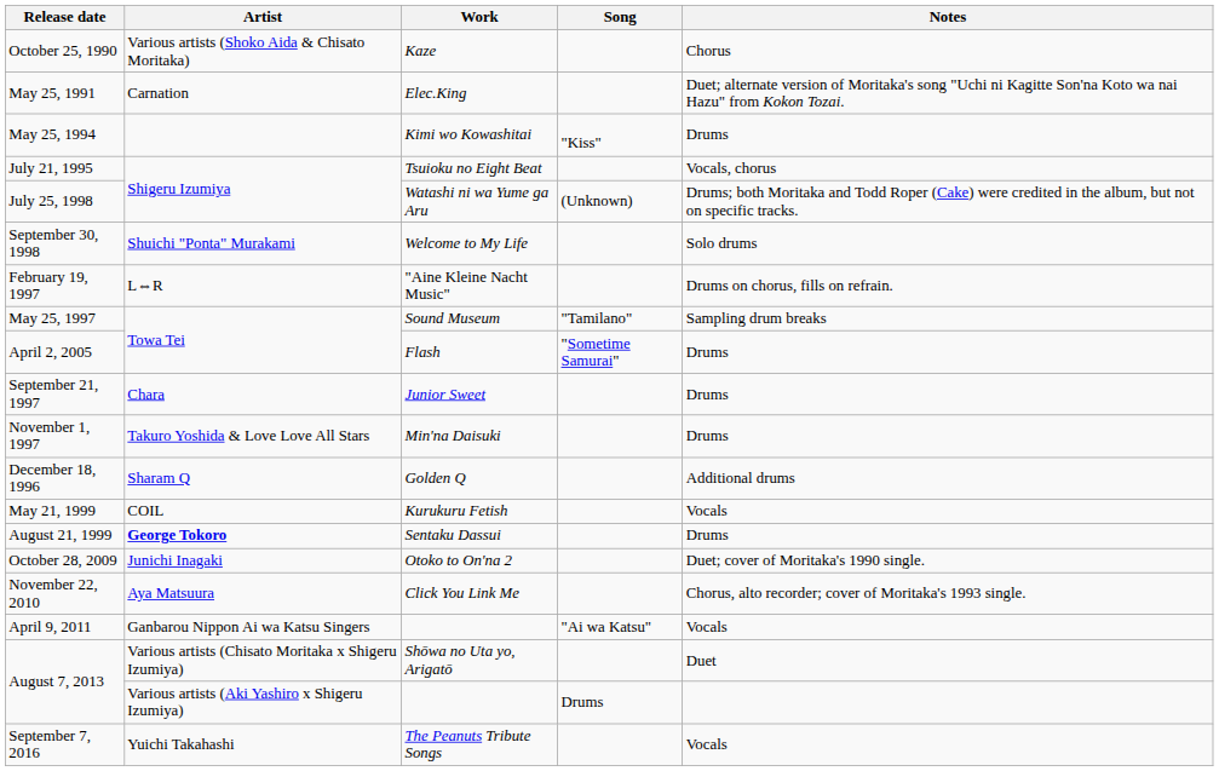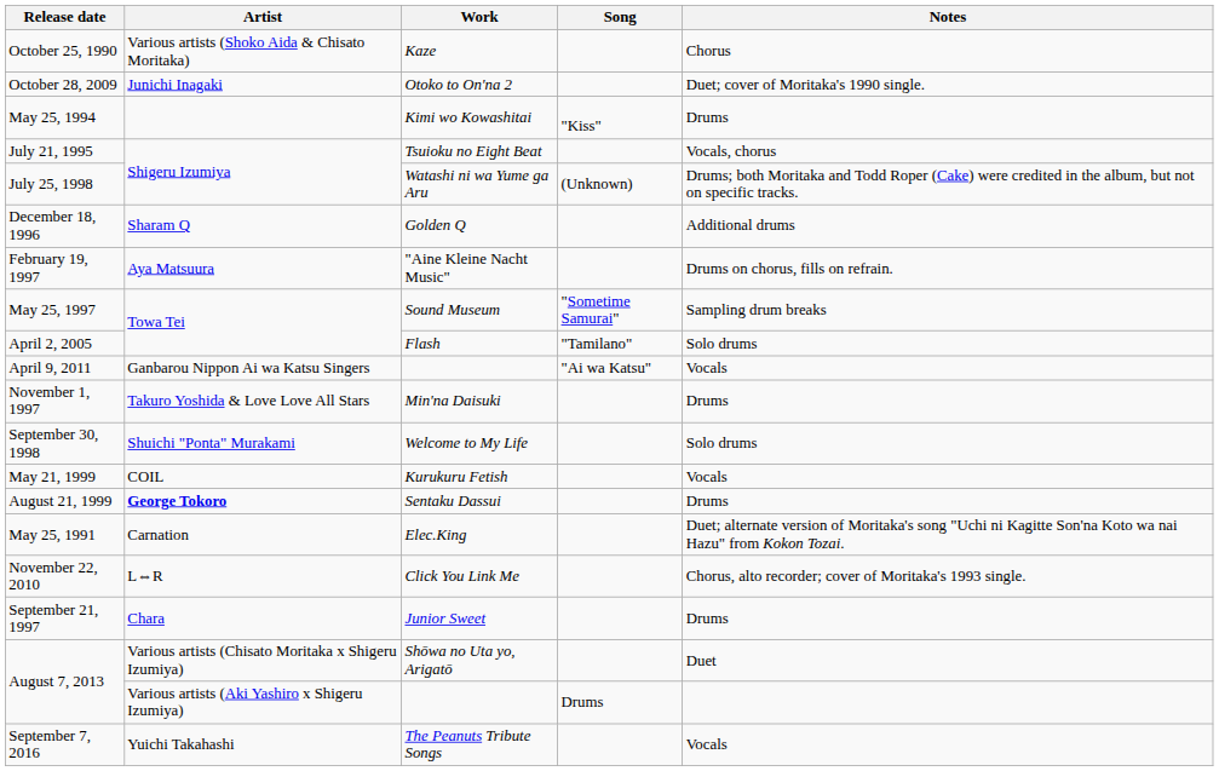 <table class=wikitable>
 <tr>
 <th>Release date</th>
 <th>Artist</th>
 <th>Work</th>
 <th>Song</th>
 <th>Notes</th>
 </tr>
 <tr>
 <td>October 25, 1990</td>
 <td>Various artists (<a href='#'>Shoko Aida</a> & Chisato Moritaka)</td>
 <td><em>Kaze</em></td>
 <td></td>
 <td>Chorus</td>
 </tr>
 <tr>
-<td>May 25, 1991</td>
-<td>Carnation</td>
-<td><em>Elec.King</em></td>
+<td>October 28, 2009</td>
+<td><a href='#'>Junichi Inagaki</a></td>
+<td><em>Otoko to On'na 2</em></td>
 <td></td>
-<td>Duet; alternate version of Moritaka's song "Uchi ni Kagitte Son'na Koto wa nai Hazu" from <em>Kokon Tozai</em>.</td>
+<td>Duet; cover of Moritaka's 1990 single.</td>
 </tr>
 <tr>
 <td>May 25, 1994</td>
 <td></td>
 <td><em>Kimi wo Kowashitai</em></td>
 <td><br>"Kiss"</td>
 <td>Drums</td>
 </tr>
 <tr>
 <td>July 21, 1995</td>
 <td rowspan="2"><a href='#'>Shigeru Izumiya</a></td>
 <td><em>Tsuioku no Eight Beat</em></td>
 <td></td>
 <td>Vocals, chorus</td>
 </tr>
 <tr>
 <td>July 25, 1998</td>
 <td><em>Watashi ni wa Yume ga Aru</em></td>
 <td>(Unknown)</td>
 <td>Drums; both Moritaka and Todd Roper (<a href='#'>Cake</a>) were credited in the album, but not on specific tracks.</td>
 </tr>
 <tr>
-<td>September 30, 1998</td>
-<td><a href='#'>Shuichi "Ponta" Murakami</a></td>
-<td><em>Welcome to My Life</em></td>
-<td><br></td>
-<td>Solo drums</td>
+<td>December 18, 1996</td>
+<td><a href='#'>Sharam Q</a></td>
+<td><em>Golden Q</em></td>
+<td></td>
+<td>Additional drums</td>
 </tr>
 <tr>
 <td>February 19, 1997</td>
-<td>L⇔R</td>
+<td><a href='#'>Aya Matsuura</a></td>
 <td>"Aine Kleine Nacht Music"</td>
 <td></td>
 <td>Drums on chorus, fills on refrain.</td>
 </tr>
 <tr>
 <td>May 25, 1997</td>
 <td rowspan="2"><a href='#'>Towa Tei</a></td>
 <td><em>Sound Museum</em></td>
-<td>"Tamilano"</td>
+<td>"<a href='#'>Sometime Samurai</a>"</td>
 <td>Sampling drum breaks</td>
 </tr>
 <tr>
 <td>April 2, 2005</td>
 <td><em>Flash</em></td>
-<td>"<a href='#'>Sometime Samurai</a>"</td>
-<td>Drums</td>
+<td>"Tamilano"</td>
+<td>Solo drums</td>
 </tr>
 <tr>
-<td>September 21, 1997</td>
-<td><a href='#'>Chara</a></td>
-<td><em><a href='#'>Junior Sweet</a></em></td>
+<td>April 9, 2011</td>
+<td>Ganbarou Nippon Ai wa Katsu Singers</td>
 <td></td>
-<td>Drums</td>
+<td>"Ai wa Katsu"</td>
+<td>Vocals</td>
 </tr>
 <tr>
 <td>November 1, 1997</td>
 <td><a href='#'>Takuro Yoshida</a> & Love Love All Stars</td>
 <td><em>Min'na Daisuki</em></td>
 <td></td>
 <td>Drums</td>
 </tr>
 <tr>
-<td>December 18, 1996</td>
-<td><a href='#'>Sharam Q</a></td>
-<td><em>Golden Q</em></td>
-<td></td>
-<td>Additional drums</td>
+<td>September 30, 1998</td>
+<td><a href='#'>Shuichi "Ponta" Murakami</a></td>
+<td><em>Welcome to My Life</em></td>
+<td><br></td>
+<td>Solo drums</td>
 </tr>
 <tr>
 <td>May 21, 1999</td>
 <td>COIL</td>
 <td><em>Kurukuru Fetish</em></td>
 <td></td>
 <td>Vocals</td>
 </tr>
 <tr>
 <td>August 21, 1999</td>
 <td><strong><a href='#'>George Tokoro</a></strong></td>
 <td><em>Sentaku Dassui</em></td>
 <td></td>
 <td>Drums</td>
 </tr>
 <tr>
-<td>October 28, 2009</td>
-<td><a href='#'>Junichi Inagaki</a></td>
-<td><em>Otoko to On'na 2</em></td>
+<td>May 25, 1991</td>
+<td>Carnation</td>
+<td><em>Elec.King</em></td>
 <td></td>
-<td>Duet; cover of Moritaka's 1990 single.</td>
+<td>Duet; alternate version of Moritaka's song "Uchi ni Kagitte Son'na Koto wa nai Hazu" from <em>Kokon Tozai</em>.</td>
 </tr>
 <tr>
 <td>November 22, 2010</td>
-<td><a href='#'>Aya Matsuura</a></td>
+<td>L⇔R</td>
 <td><em>Click You Link Me</em></td>
 <td></td>
 <td>Chorus, alto recorder; cover of Moritaka's 1993 single.</td>
 </tr>
 <tr>
-<td>April 9, 2011</td>
-<td>Ganbarou Nippon Ai wa Katsu Singers</td>
+<td>September 21, 1997</td>
+<td><a href='#'>Chara</a></td>
+<td><em><a href='#'>Junior Sweet</a></em></td>
 <td></td>
-<td>"Ai wa Katsu"</td>
-<td>Vocals</td>
+<td>Drums</td>
 </tr>
 <tr>
 <td rowspan="2">August 7, 2013</td>
 <td>Various artists (Chisato Moritaka x Shigeru Izumiya)</td>
 <td><em>Shōwa no Uta yo, Arigatō</em></td>
 <td></td>
 <td>Duet</td>
 </tr>
 <tr>
 <td>Various artists (<a href='#'>Aki Yashiro</a> x Shigeru Izumiya)</td>
 <td></td>
 <td>Drums</td>
 </tr>
 <tr>
 <td>September 7, 2016</td>
 <td>Yuichi Takahashi</td>
 <td><em><a href='#'>The Peanuts</a> Tribute Songs</em></td>
 <td></td>
 <td>Vocals</td>
 </tr>
 </table>
